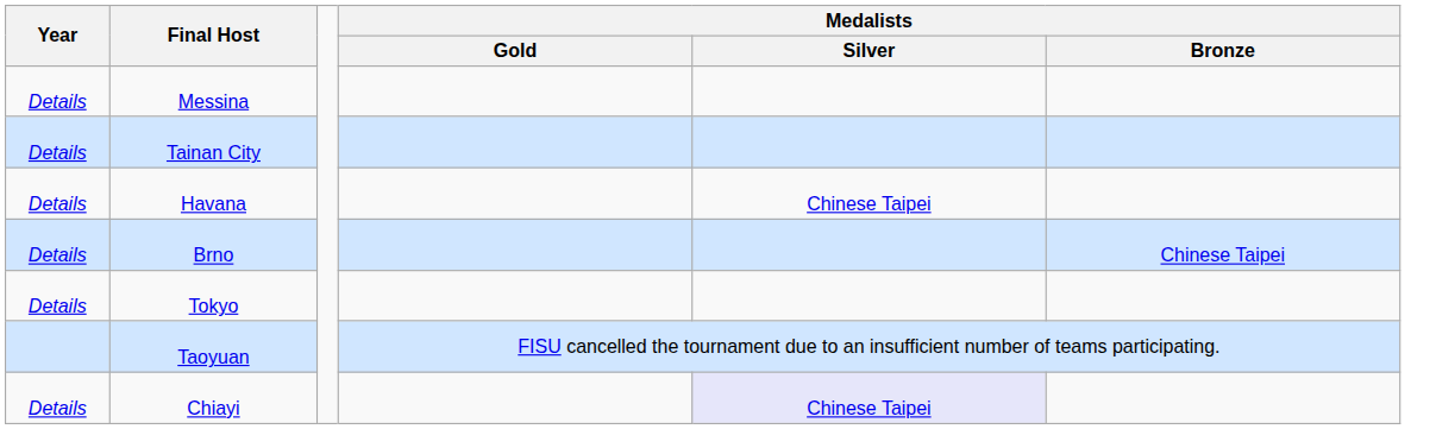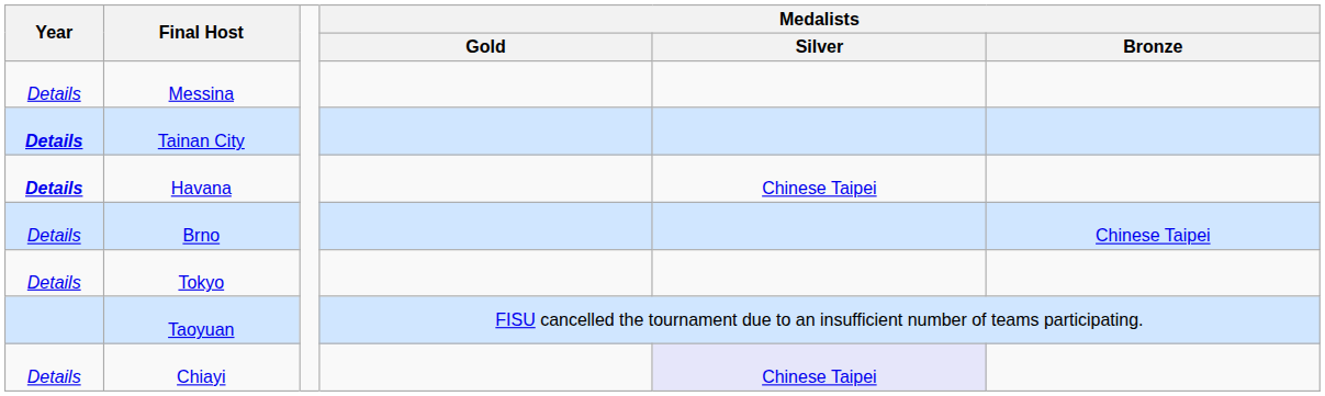 <table class="wikitable" style="font-size:90%; text-align: center;">
 <tr>
 <th rowspan=2 width=5%>Year</th>
 <th rowspan=2 width=10%>Final Host</th>
 <td width=1% rowspan=9 style="border-top:none;border-bottom:none;"></td>
 <th colspan=3>Medalists</th>
 </tr>
 <tr>
 <th width=17%>Gold</th>
 <th width=17%>Silver</th>
 <th width=17%>Bronze</th>
 </tr>
 <tr>
 <td><br><em><a href='#'>Details</a></em></td>
 <td><br><a href='#'>Messina</a></td>
 <td><strong></strong></td>
 <td></td>
 <td></td>
 </tr>
 <tr style="background: #D0E6FF;">
-<td><br><em><a href='#'>Details</a></em></td>
+<td><strong><br><em><a href='#'>Details</a></em></strong></td>
 <td><br><a href='#'>Tainan City</a></td>
 <td><strong></strong></td>
 <td></td>
 <td></td>
 </tr>
 <tr>
-<td><br><em><a href='#'>Details</a></em></td>
+<td><strong><br><em><a href='#'>Details</a></em></strong></td>
 <td><br><a href='#'>Havana</a></td>
 <td><strong></strong></td>
 <td><br><a href='#'>Chinese Taipei</a></td>
 <td></td>
 </tr>
 <tr style="background: #D0E6FF;">
 <td><br><em><a href='#'>Details</a></em></td>
 <td><br><a href='#'>Brno</a></td>
 <td><strong></strong></td>
 <td></td>
 <td><br><a href='#'>Chinese Taipei</a></td>
 </tr>
 <tr>
 <td><br><em><a href='#'>Details</a></em></td>
 <td><br><a href='#'>Tokyo</a></td>
 <td><strong></strong></td>
 <td></td>
 <td></td>
 </tr>
 <tr style="background: #D0E6FF;">
 <td><br></td>
 <td><br><a href='#'>Taoyuan</a></td>
 <td colspan=3><a href='#'>FISU</a> cancelled the tournament due to an insufficient number of teams participating.</td>
 </tr>
 <tr>
 <td><br><em><a href='#'>Details</a></em></td>
 <td><br><a href='#'>Chiayi</a></td>
 <td><strong></strong></td>
 <td style="background: lavender;"><br><a href='#'>Chinese Taipei</a></td>
 <td></td>
 </tr>
 </table>
